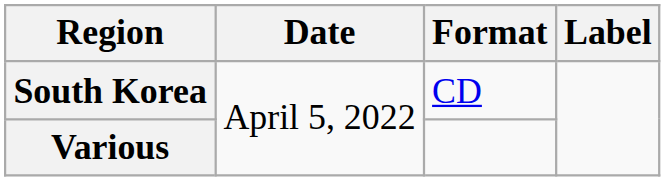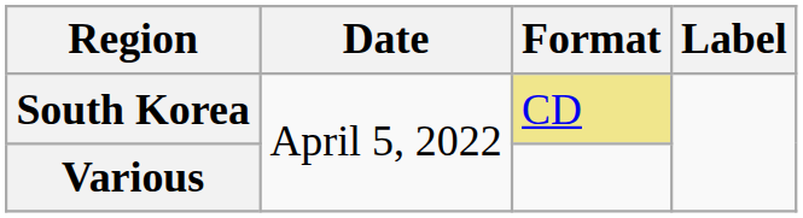 <table class="wikitable plainrowheaders">
 <tr>
 <th scope="col">Region</th>
 <th scope="col">Date</th>
 <th scope="col">Format</th>
 <th scope="col">Label</th>
 </tr>
 <tr>
 <th scope="row">South Korea</th>
 <td rowspan="2">April 5, 2022</td>
-<td><a href='#'>CD</a></td>
+<td style="background: khaki;"><a href='#'>CD</a></td>
 <td rowspan="2"></td>
 </tr>
 <tr>
 <th scope="row">Various</th>
 <td></td>
 </tr>
 </table>
